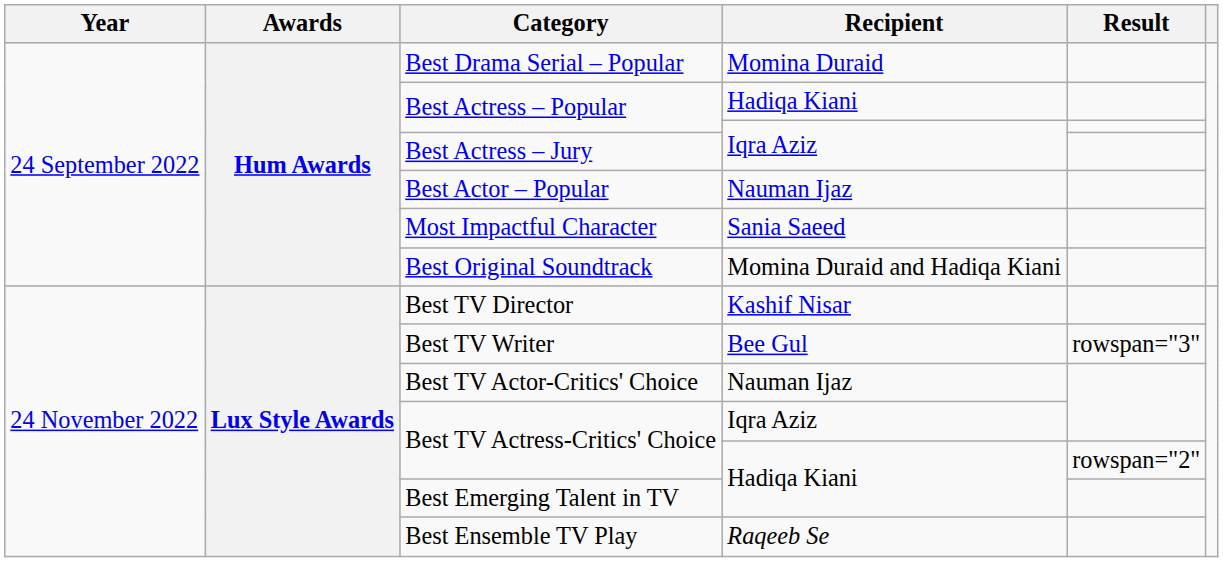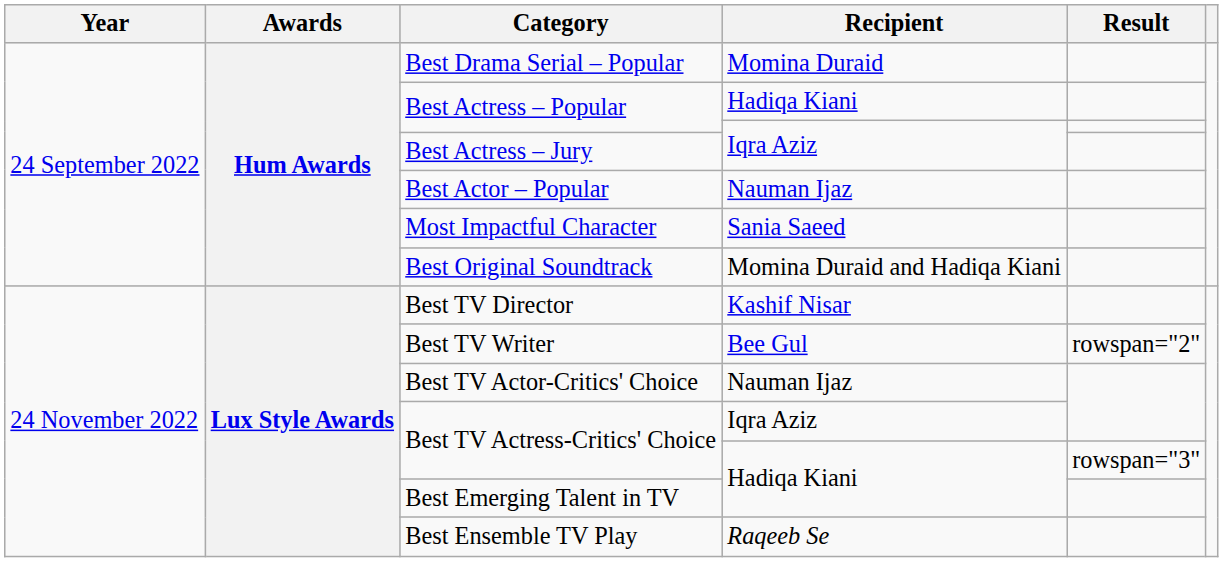 <table class="wikitable plainrowheaders">
 <tr>
 <th scope="col">Year</th>
 <th scope="col">Awards</th>
 <th scope="col">Category</th>
 <th scope="col">Recipient</th>
 <th scope="col">Result</th>
 <th scope="col" class="unsortable"></th>
 </tr>
 <tr>
 <td rowspan="7"><a href='#'>24 September 2022</a></td>
 <th scope="row" rowspan="7"><a href='#'>Hum Awards</a></th>
 <td><a href='#'>Best Drama Serial – Popular</a></td>
 <td><a href='#'>Momina Duraid</a></td>
 <td></td>
 <td rowspan="7"></td>
 </tr>
 <tr>
 <td rowspan="2"><a href='#'>Best Actress – Popular</a></td>
 <td><a href='#'>Hadiqa Kiani</a></td>
 <td></td>
 </tr>
 <tr>
 <td rowspan="2"><a href='#'>Iqra Aziz</a></td>
 <td></td>
 </tr>
 <tr>
 <td><a href='#'>Best Actress – Jury</a></td>
 <td></td>
 </tr>
 <tr>
 <td><a href='#'>Best Actor – Popular</a></td>
 <td><a href='#'>Nauman Ijaz</a></td>
 <td></td>
 </tr>
 <tr>
 <td><a href='#'>Most Impactful Character</a></td>
 <td><a href='#'>Sania Saeed</a></td>
 <td></td>
 </tr>
 <tr>
 <td><a href='#'>Best Original Soundtrack</a></td>
 <td>Momina Duraid and Hadiqa Kiani</td>
 <td></td>
 </tr>
 <tr>
 <td rowspan="7"><a href='#'>24 November 2022</a></td>
 <th scope="row" rowspan="7"><a href='#'>Lux Style Awards</a></th>
 <td>Best TV Director</td>
 <td><a href='#'>Kashif Nisar</a></td>
 <td></td>
 <td rowspan="7"></td>
 </tr>
 <tr>
 <td>Best TV Writer</td>
 <td><a href='#'>Bee Gul</a></td>
-<td>rowspan="3" </td>
+<td>rowspan="2" </td>
 </tr>
 <tr>
 <td>Best TV Actor-Critics' Choice</td>
 <td>Nauman Ijaz</td>
 </tr>
 <tr>
 <td rowspan="2">Best TV Actress-Critics' Choice</td>
 <td>Iqra Aziz</td>
 </tr>
 <tr>
 <td rowspan="2">Hadiqa Kiani</td>
-<td>rowspan="2" </td>
+<td>rowspan="3" </td>
 </tr>
 <tr>
 <td>Best Emerging Talent in TV</td>
 </tr>
 <tr>
 <td>Best Ensemble TV Play</td>
 <td><em>Raqeeb Se</em></td>
 <td></td>
 </tr>
 </table>
